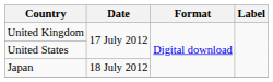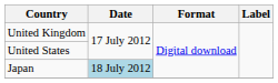 <table class="wikitable plainrowheaders">
 <tr>
 <th scope="col">Country</th>
 <th scope="col">Date</th>
 <th scope="col">Format</th>
 <th scope="col">Label</th>
 </tr>
 <tr>
 <td>United Kingdom</td>
 <td rowspan="2">17 July 2012</td>
 <td rowspan="3"><a href='#'>Digital download</a></td>
 <td rowspan="3"></td>
 </tr>
 <tr>
 <td>United States</td>
 </tr>
 <tr>
 <td>Japan</td>
-<td>18 July 2012</td>
+<td style="background: lightblue;">18 July 2012</td>
 </tr>
 <tr>
 </tr>
 </table>
